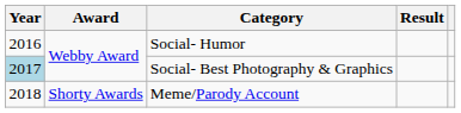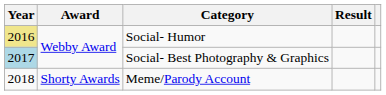 <table class="wikitable">
 <tr>
 <th>Year</th>
 <th>Award</th>
 <th>Category</th>
 <th>Result</th>
 <th></th>
 </tr>
 <tr>
-<td>2016</td>
+<td style="background: khaki;">2016</td>
 <td rowspan="2"><a href='#'>Webby Award</a></td>
 <td>Social- Humor</td>
 <td></td>
 <td></td>
 </tr>
 <tr>
 <td style="background: lightblue;">2017</td>
 <td>Social- Best Photography & Graphics</td>
 <td></td>
 <td></td>
 </tr>
 <tr>
 <td>2018</td>
 <td><a href='#'>Shorty Awards</a></td>
 <td>Meme/<a href='#'>Parody Account</a></td>
 <td></td>
 <td></td>
 </tr>
 </table>
